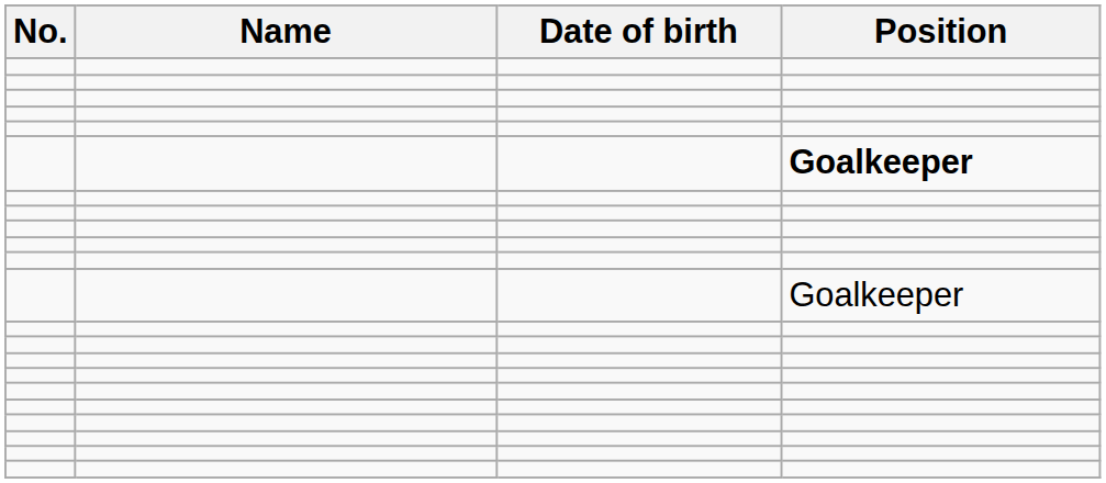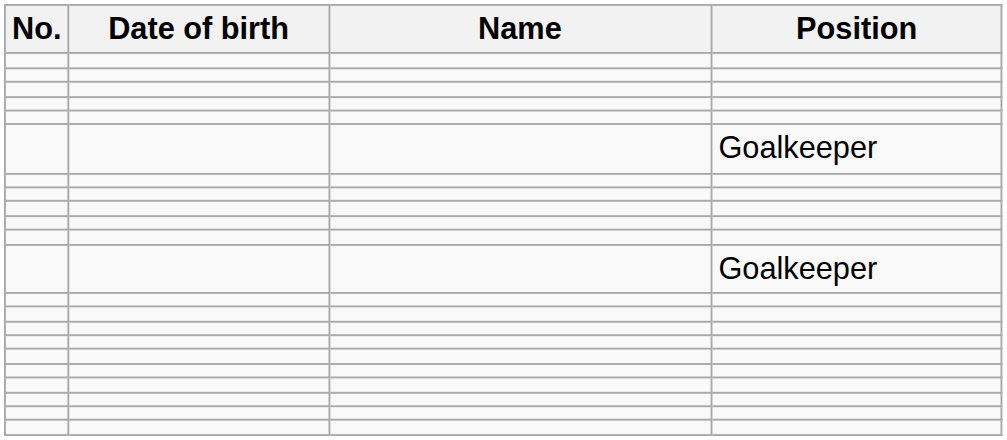 <table class="wikitable sortable" style=font-size:100%; text-align:center;>
 <tr>
 <th>No.</th>
+<th style=width:8em>Date of birth</th>
 <th style=width:12em>Name</th>
-<th style=width:8em>Date of birth</th>
 <th style=width:9em>Position</th>
 </tr>
 <tr>
 <td></td>
+<td align=right></td>
 <td align=left></td>
-<td align=right></td>
 <td></td>
 </tr>
 <tr>
 <td></td>
+<td align=right></td>
 <td align=left></td>
-<td align=right></td>
 <td></td>
 </tr>
 <tr>
 <td></td>
+<td align=right></td>
 <td align=left></td>
-<td align=right></td>
 <td></td>
 </tr>
 <tr>
 <td></td>
+<td align=right></td>
 <td align=left></td>
-<td align=right></td>
 <td></td>
 </tr>
 <tr>
 <td></td>
+<td align=right></td>
 <td align=left></td>
-<td align=right></td>
 <td></td>
 </tr>
 <tr>
 <td></td>
+<td align=right></td>
 <td align=left></td>
-<td align=right></td>
-<td><strong>Goalkeeper</strong></td>
+<td>Goalkeeper</td>
 </tr>
 <tr>
 <td></td>
+<td align=right></td>
 <td align=left></td>
-<td align=right></td>
 <td></td>
 </tr>
 <tr>
 <td></td>
+<td align=right></td>
 <td align=left></td>
-<td align=right></td>
 <td></td>
 </tr>
 <tr>
 <td></td>
+<td align=right></td>
 <td align=left></td>
-<td align=right></td>
 <td></td>
 </tr>
 <tr>
 <td></td>
+<td align=right></td>
 <td align=left></td>
-<td align=right></td>
 <td></td>
 </tr>
 <tr>
 <td></td>
+<td align=right></td>
 <td align=left></td>
-<td align=right></td>
 <td></td>
 </tr>
 <tr>
 <td></td>
+<td align=right></td>
 <td align=left></td>
-<td align=right></td>
 <td>Goalkeeper</td>
 </tr>
 <tr>
 <td></td>
+<td align=right></td>
 <td align=left></td>
-<td align=right></td>
 <td></td>
 </tr>
 <tr>
 <td></td>
+<td align=right></td>
 <td align=left></td>
-<td align=right></td>
 <td></td>
 </tr>
 <tr>
 <td></td>
+<td align=right></td>
 <td align=left></td>
-<td align=right></td>
 <td></td>
 </tr>
 <tr>
 <td></td>
+<td align=right></td>
 <td align=left></td>
-<td align=right></td>
 <td></td>
 </tr>
 <tr>
 <td></td>
+<td align=right></td>
 <td align=left></td>
-<td align=right></td>
 <td></td>
 </tr>
 <tr>
 <td></td>
+<td align=right></td>
 <td align=left></td>
-<td align=right></td>
 <td></td>
 </tr>
 <tr>
 <td></td>
+<td align=right></td>
 <td align=left></td>
-<td align=right></td>
 <td></td>
 </tr>
 <tr>
 <td></td>
+<td align=right></td>
 <td align=left></td>
-<td align=right></td>
 <td></td>
 </tr>
 <tr>
 <td></td>
+<td align=right></td>
 <td align=left></td>
-<td align=right></td>
 <td></td>
 </tr>
 <tr>
 <td></td>
+<td align=right></td>
 <td align=left></td>
-<td align=right></td>
 <td></td>
 </tr>
 </table>
